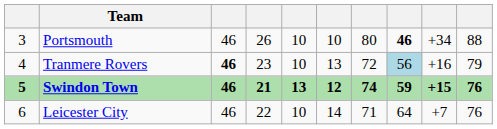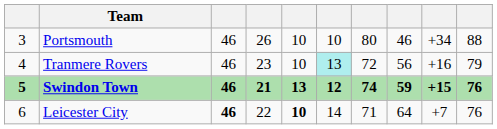 <table class="wikitable" style="text-align:center">
 <tr>
 <th width="30"></th>
 <th width="175">Team</th>
 <th width="30"></th>
 <th width="30"></th>
 <th width="30"></th>
 <th width="30"></th>
 <th width="30"></th>
 <th width="30"></th>
 <th width="30"></th>
 <th width="30"></th>
 </tr>
 <tr>
 <td>3</td>
 <td align=left><a href='#'>Portsmouth</a></td>
 <td>46</td>
 <td>26</td>
 <td>10</td>
 <td>10</td>
 <td>80</td>
-<td><strong>46</strong></td>
+<td>46</td>
 <td>+34</td>
 <td>88</td>
 </tr>
 <tr>
 <td>4</td>
 <td align=left><a href='#'>Tranmere Rovers</a></td>
-<td><strong>46</strong></td>
+<td>46</td>
 <td>23</td>
 <td>10</td>
-<td>13</td>
+<td style="background: paleturquoise;">13</td>
 <td>72</td>
-<td style="background: lightblue;">56</td>
+<td>56</td>
 <td>+16</td>
 <td>79</td>
 </tr>
 <tr bgcolor=#ADDFAD>
 <td><strong>5</strong></td>
 <td align=left><strong><a href='#'>Swindon Town</a></strong></td>
 <td><strong>46</strong></td>
 <td><strong>21</strong></td>
 <td><strong>13</strong></td>
 <td><strong>12</strong></td>
 <td><strong>74</strong></td>
 <td><strong>59</strong></td>
 <td><strong>+15</strong></td>
 <td><strong>76</strong></td>
 </tr>
 <tr>
 <td>6</td>
 <td align=left><a href='#'>Leicester City</a></td>
-<td>46</td>
+<td><strong>46</strong></td>
 <td>22</td>
-<td>10</td>
+<td><strong>10</strong></td>
 <td>14</td>
 <td>71</td>
 <td>64</td>
 <td>+7</td>
 <td>76</td>
 </tr>
 </table>
